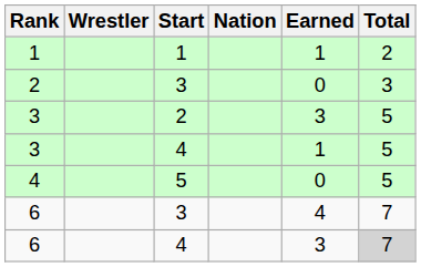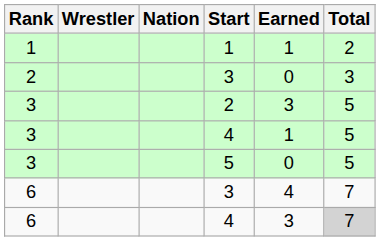 <table class="wikitable sortable" style="text-align:center;">
 <tr>
 <th>Rank</th>
 <th>Wrestler</th>
+<th>Nation</th>
 <th>Start</th>
-<th>Nation</th>
 <th>Earned</th>
 <th>Total</th>
 </tr>
 <tr style="background:#cfc;">
 <td>1</td>
 <td align=left></td>
+<td align=left></td>
 <td>1</td>
-<td align=left></td>
 <td>1</td>
 <td>2</td>
 </tr>
 <tr style="background:#cfc;">
 <td>2</td>
 <td align=left></td>
+<td align=left></td>
 <td>3</td>
-<td align=left></td>
 <td>0</td>
 <td>3</td>
 </tr>
 <tr style="background:#cfc;">
 <td>3</td>
 <td align=left></td>
+<td align=left></td>
 <td>2</td>
-<td align=left></td>
 <td>3</td>
 <td>5</td>
 </tr>
 <tr style="background:#cfc;">
 <td>3</td>
 <td align=left></td>
+<td align=left></td>
 <td>4</td>
-<td align=left></td>
 <td>1</td>
 <td>5</td>
 </tr>
 <tr style="background:#cfc;">
-<td>4</td>
+<td>3</td>
+<td align=left></td>
 <td align=left></td>
 <td>5</td>
-<td align=left></td>
 <td>0</td>
 <td>5</td>
 </tr>
 <tr>
 <td>6</td>
 <td align=left></td>
+<td align=left></td>
 <td>3</td>
-<td align=left></td>
 <td>4</td>
 <td>7</td>
 </tr>
 <tr>
 <td>6</td>
 <td align=left></td>
+<td align=left></td>
 <td>4</td>
-<td align=left></td>
 <td>3</td>
 <td style="background: lightgrey;">7</td>
 </tr>
 </table>
